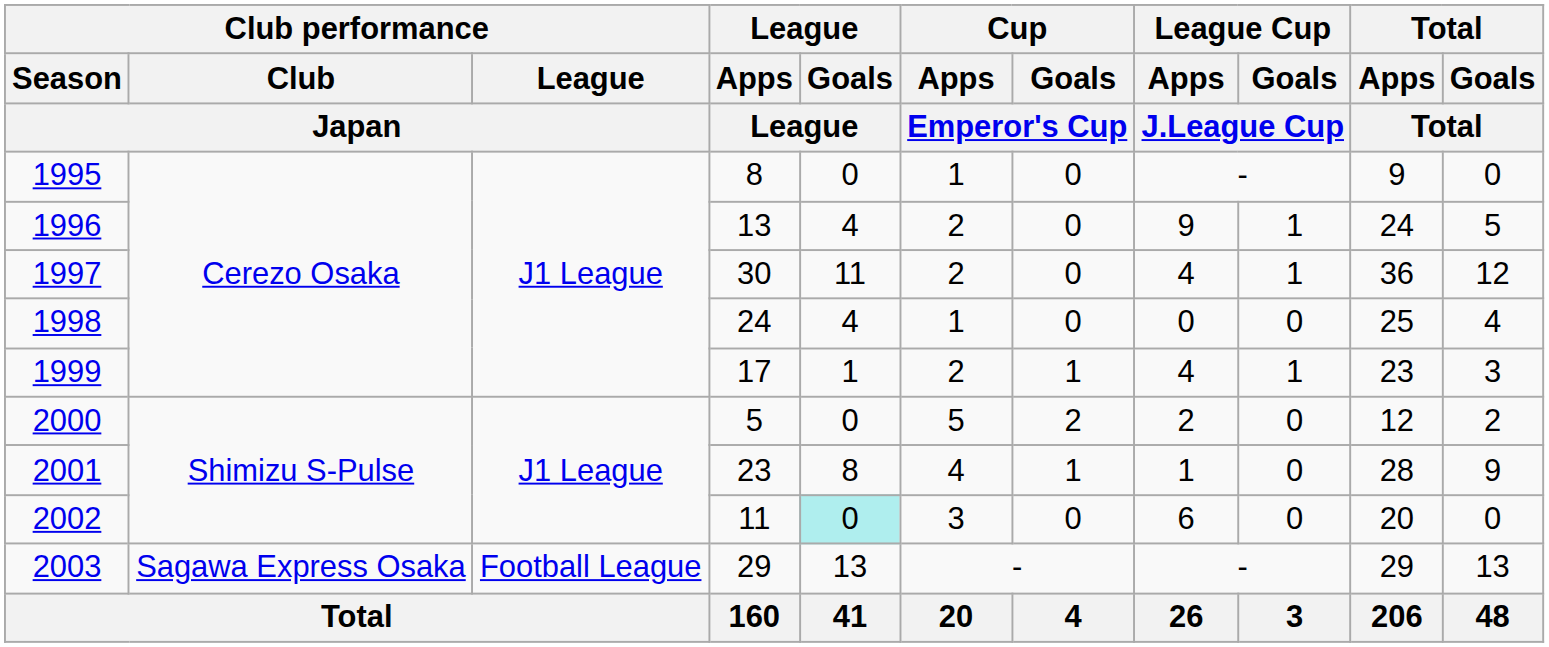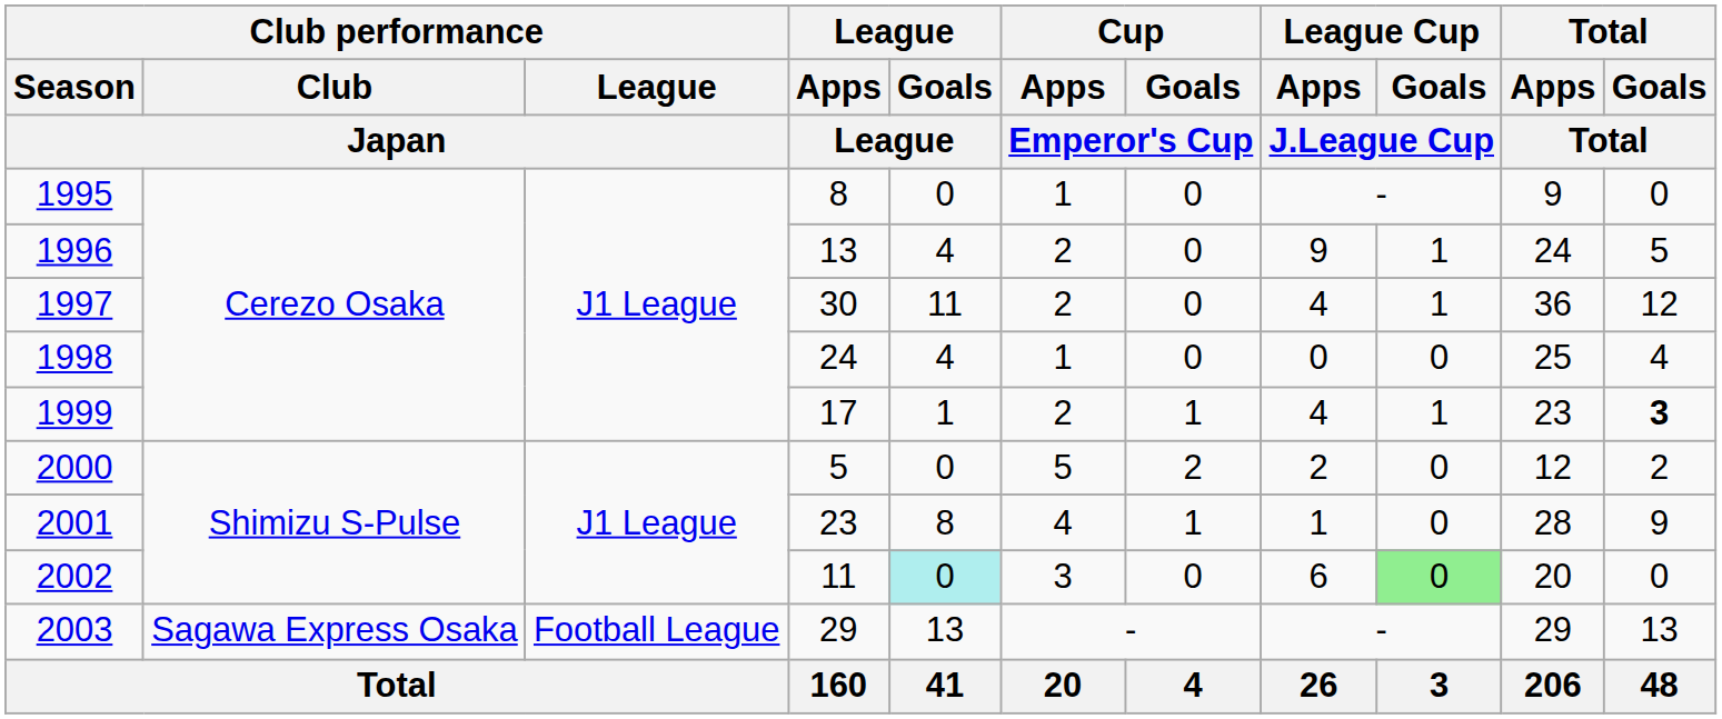 <table class="wikitable" style="text-align:center;">
 <tr>
 <th colspan=3>Club performance</th>
 <th colspan=2>League</th>
 <th colspan=2>Cup</th>
 <th colspan=2>League Cup</th>
 <th colspan=2>Total</th>
 </tr>
 <tr>
 <th>Season</th>
 <th>Club</th>
 <th>League</th>
 <th>Apps</th>
 <th>Goals</th>
 <th>Apps</th>
 <th>Goals</th>
 <th>Apps</th>
 <th>Goals</th>
 <th>Apps</th>
 <th>Goals</th>
 </tr>
 <tr>
 <th colspan=3>Japan</th>
 <th colspan=2>League</th>
 <th colspan=2><a href='#'>Emperor's Cup</a></th>
 <th colspan=2><a href='#'>J.League Cup</a></th>
 <th colspan=2>Total</th>
 </tr>
 <tr>
 <td><a href='#'>1995</a></td>
 <td rowspan="5"><a href='#'>Cerezo Osaka</a></td>
 <td rowspan="5"><a href='#'>J1 League</a></td>
 <td>8</td>
 <td>0</td>
 <td>1</td>
 <td>0</td>
 <td colspan="2">-</td>
 <td>9</td>
 <td>0</td>
 </tr>
 <tr>
 <td><a href='#'>1996</a></td>
 <td>13</td>
 <td>4</td>
 <td>2</td>
 <td>0</td>
 <td>9</td>
 <td>1</td>
 <td>24</td>
 <td>5</td>
 </tr>
 <tr>
 <td><a href='#'>1997</a></td>
 <td>30</td>
 <td>11</td>
 <td>2</td>
 <td>0</td>
 <td>4</td>
 <td>1</td>
 <td>36</td>
 <td>12</td>
 </tr>
 <tr>
 <td><a href='#'>1998</a></td>
 <td>24</td>
 <td>4</td>
 <td>1</td>
 <td>0</td>
 <td>0</td>
 <td>0</td>
 <td>25</td>
 <td>4</td>
 </tr>
 <tr>
 <td><a href='#'>1999</a></td>
 <td>17</td>
 <td>1</td>
 <td>2</td>
 <td>1</td>
 <td>4</td>
 <td>1</td>
 <td>23</td>
-<td>3</td>
+<td><strong>3</strong></td>
 </tr>
 <tr>
 <td><a href='#'>2000</a></td>
 <td rowspan="3"><a href='#'>Shimizu S-Pulse</a></td>
 <td rowspan="3"><a href='#'>J1 League</a></td>
 <td>5</td>
 <td>0</td>
 <td>5</td>
 <td>2</td>
 <td>2</td>
 <td>0</td>
 <td>12</td>
 <td>2</td>
 </tr>
 <tr>
 <td><a href='#'>2001</a></td>
 <td>23</td>
 <td>8</td>
 <td>4</td>
 <td>1</td>
 <td>1</td>
 <td>0</td>
 <td>28</td>
 <td>9</td>
 </tr>
 <tr>
 <td><a href='#'>2002</a></td>
 <td>11</td>
 <td style="background: paleturquoise;">0</td>
 <td>3</td>
 <td>0</td>
 <td>6</td>
-<td>0</td>
+<td style="background: lightgreen;">0</td>
 <td>20</td>
 <td>0</td>
 </tr>
 <tr>
 <td><a href='#'>2003</a></td>
 <td><a href='#'>Sagawa Express Osaka</a></td>
 <td><a href='#'>Football League</a></td>
 <td>29</td>
 <td>13</td>
 <td colspan="2">-</td>
 <td colspan="2">-</td>
 <td>29</td>
 <td>13</td>
 </tr>
 <tr>
 <th colspan=3>Total</th>
 <th>160</th>
 <th>41</th>
 <th>20</th>
 <th>4</th>
 <th>26</th>
 <th>3</th>
 <th>206</th>
 <th>48</th>
 </tr>
 </table>
